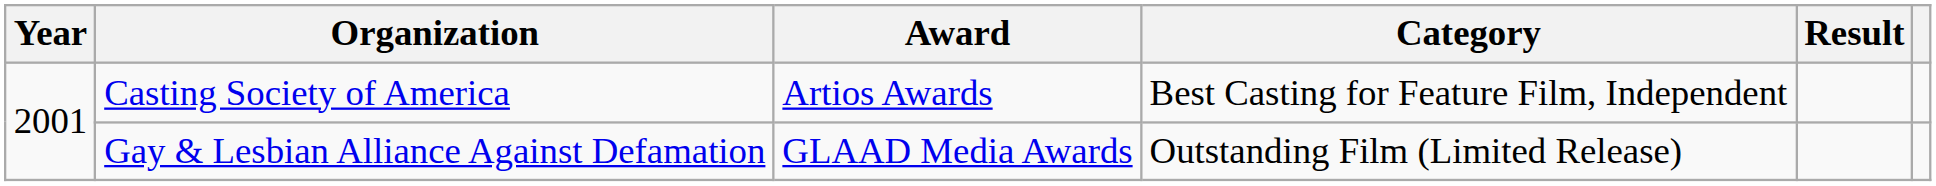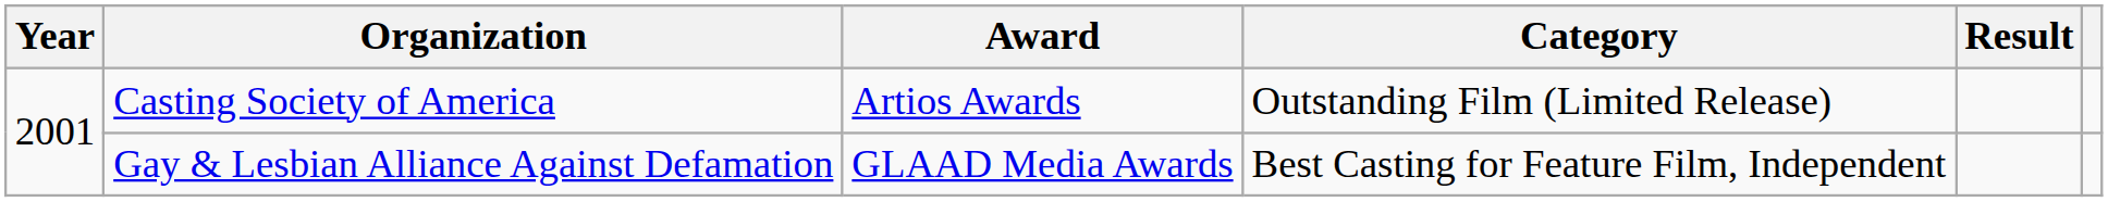 <table class="wikitable">
 <tr>
 <th>Year</th>
 <th>Organization</th>
 <th>Award</th>
 <th>Category</th>
 <th>Result</th>
 <th></th>
 </tr>
 <tr>
 <td rowspan="2">2001</td>
 <td><a href='#'>Casting Society of America</a></td>
 <td><a href='#'>Artios Awards</a></td>
-<td>Best Casting for Feature Film, Independent</td>
+<td>Outstanding Film (Limited Release)</td>
 <td></td>
 <td></td>
 </tr>
 <tr>
 <td><a href='#'>Gay & Lesbian Alliance Against Defamation</a></td>
 <td><a href='#'>GLAAD Media Awards</a></td>
-<td>Outstanding Film (Limited Release)</td>
+<td>Best Casting for Feature Film, Independent</td>
 <td></td>
 <td></td>
 </tr>
 </table>
